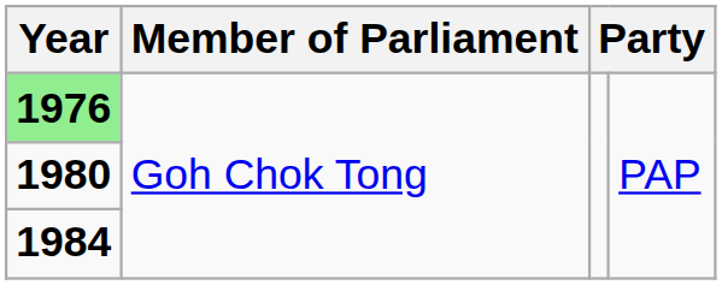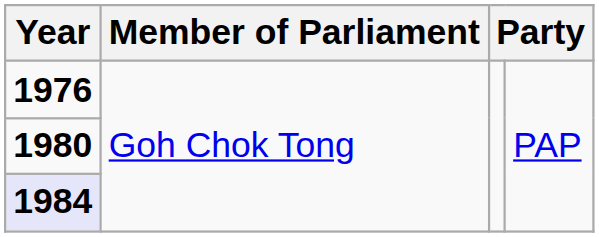 <table class="wikitable">
 <tr>
 <th>Year</th>
 <th>Member of Parliament</th>
 <th colspan="2">Party</th>
 </tr>
 <tr>
-<td style="background: lightgreen;"><strong>1976</strong></td>
+<td><strong>1976</strong></td>
 <td rowspan="3"><a href='#'>Goh Chok Tong</a></td>
 <td rowspan="3"></td>
 <td rowspan="3"><a href='#'>PAP</a></td>
 </tr>
 <tr>
 <td><strong>1980</strong></td>
 </tr>
 <tr>
-<td><strong>1984</strong></td>
+<td style="background: lavender;"><strong>1984</strong></td>
 </tr>
 </table>
